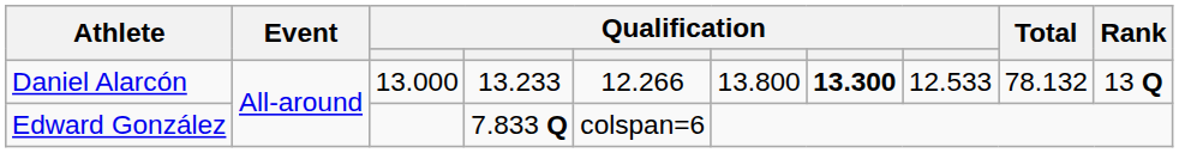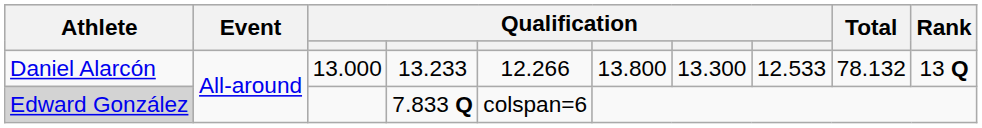 <table class="wikitable" style="font-size:90%">
 <tr>
 <th rowspan=2>Athlete</th>
 <th rowspan=2>Event</th>
 <th colspan=6>Qualification</th>
 <th rowspan=2>Total</th>
 <th rowspan=2>Rank</th>
 </tr>
 <tr style="font-size:95%">
 <th></th>
 <th></th>
 <th></th>
 <th></th>
 <th></th>
 <th></th>
 </tr>
 <tr align=center>
 <td align=left><a href='#'>Daniel Alarcón</a></td>
 <td align=left rowspan=2><a href='#'>All-around</a></td>
 <td>13.000</td>
 <td>13.233</td>
 <td>12.266</td>
 <td>13.800</td>
-<td><strong>13.300</strong></td>
+<td>13.300</td>
 <td>12.533</td>
 <td>78.132</td>
 <td>13 <strong>Q</strong></td>
 </tr>
 <tr align=center>
-<td align=left><a href='#'>Edward González</a></td>
+<td align=left style="background: lightgrey;"><a href='#'>Edward González</a></td>
 <td></td>
 <td>7.833 <strong>Q</strong></td>
 <td>colspan=6 </td>
 </tr>
 </table>
